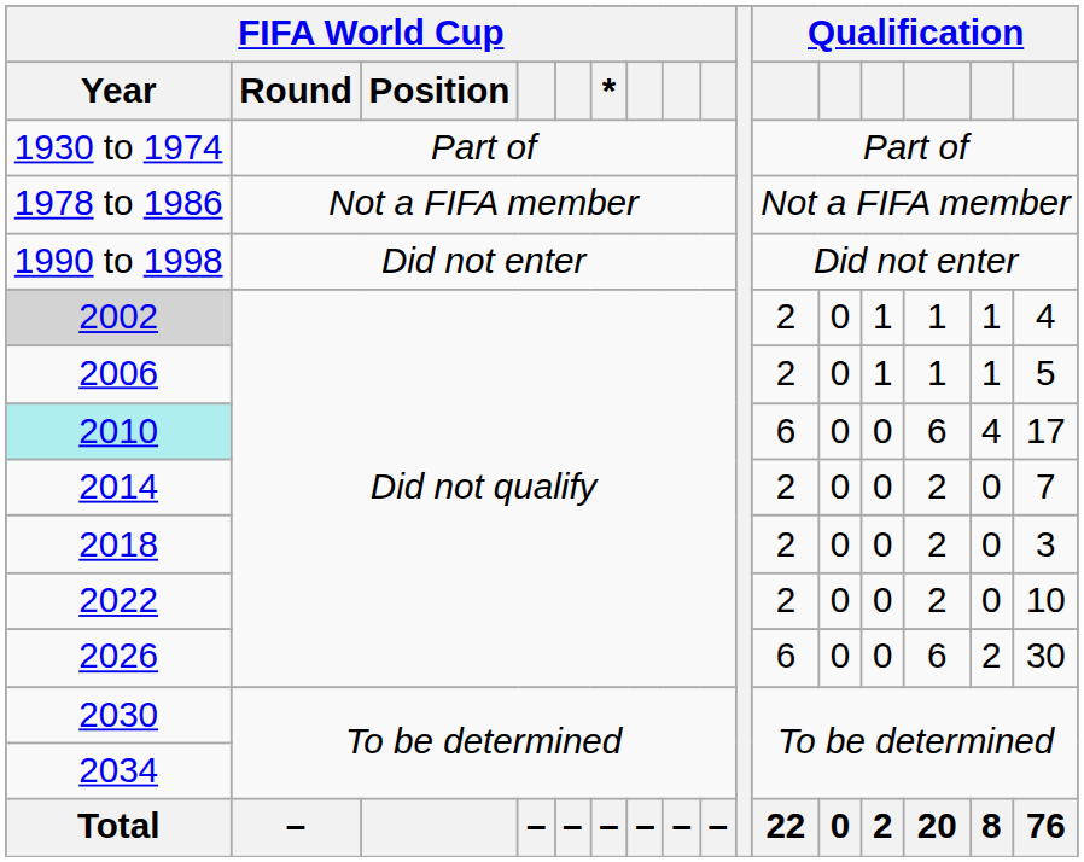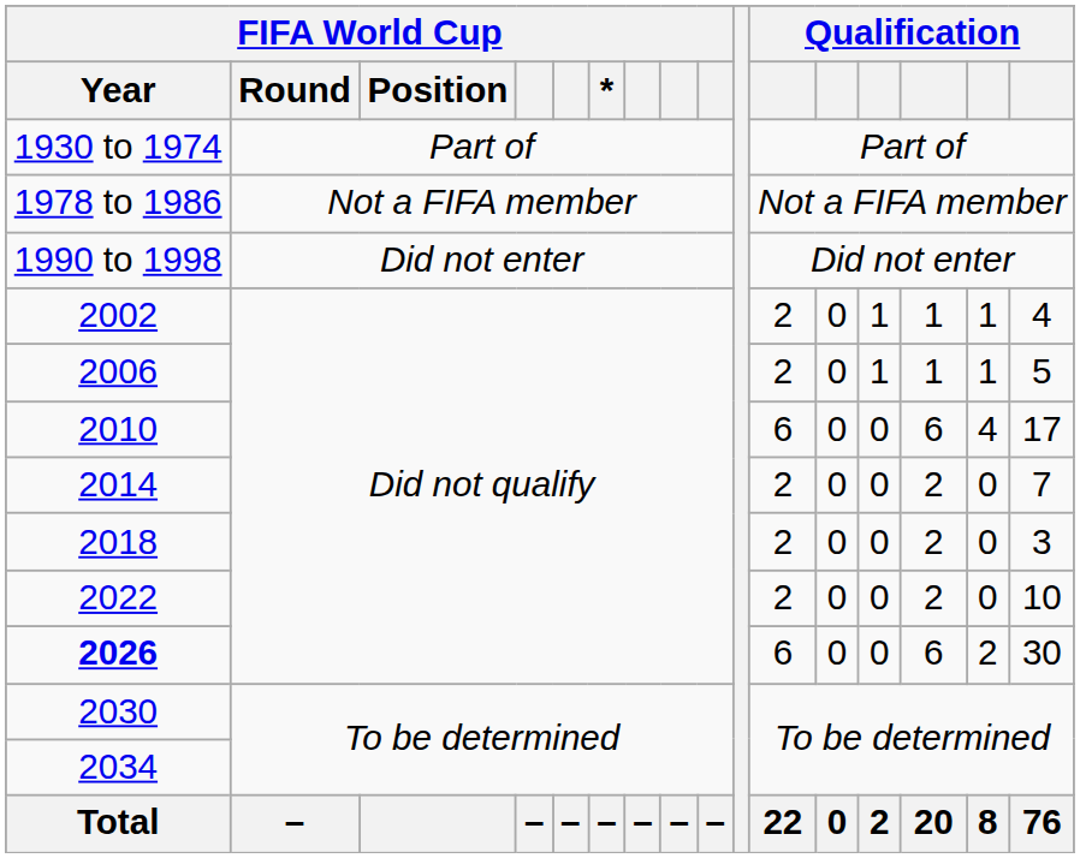 <table class="wikitable" style="text-align: center;">
 <tr>
 <th colspan=9><a href='#'>FIFA World Cup</a></th>
 <th rowspan=39></th>
 <th colspan=6><a href='#'>Qualification</a></th>
 </tr>
 <tr>
 <th>Year</th>
 <th>Round</th>
 <th>Position</th>
 <th></th>
 <th></th>
 <th>*</th>
 <th></th>
 <th></th>
 <th></th>
 <th></th>
 <th></th>
 <th></th>
 <th></th>
 <th></th>
 <th></th>
 </tr>
 <tr>
 <td><a href='#'>1930</a> to <a href='#'>1974</a></td>
 <td colspan=8><em>Part of </em></td>
 <td colspan=6><em>Part of </em></td>
 </tr>
 <tr>
 <td><a href='#'>1978</a> to <a href='#'>1986</a></td>
 <td colspan=8><em>Not a FIFA member</em></td>
 <td colspan=6><em>Not a FIFA member</em></td>
 </tr>
 <tr>
 <td><a href='#'>1990</a> to <a href='#'>1998</a></td>
 <td colspan=8><em>Did not enter</em></td>
 <td colspan=6><em>Did not enter</em></td>
 </tr>
 <tr>
-<td style="background: lightgrey;">  <a href='#'>2002</a></td>
+<td>  <a href='#'>2002</a></td>
 <td colspan=8 rowspan=7><em>Did not qualify</em></td>
 <td>2</td>
 <td>0</td>
 <td>1</td>
 <td>1</td>
 <td>1</td>
 <td>4</td>
 </tr>
 <tr>
 <td> <a href='#'>2006</a></td>
 <td>2</td>
 <td>0</td>
 <td>1</td>
 <td>1</td>
 <td>1</td>
 <td>5</td>
 </tr>
 <tr>
-<td style="background: paleturquoise;"> <a href='#'>2010</a></td>
+<td> <a href='#'>2010</a></td>
 <td>6</td>
 <td>0</td>
 <td>0</td>
 <td>6</td>
 <td>4</td>
 <td>17</td>
 </tr>
 <tr>
 <td> <a href='#'>2014</a></td>
 <td>2</td>
 <td>0</td>
 <td>0</td>
 <td>2</td>
 <td>0</td>
 <td>7</td>
 </tr>
 <tr>
 <td> <a href='#'>2018</a></td>
 <td>2</td>
 <td>0</td>
 <td>0</td>
 <td>2</td>
 <td>0</td>
 <td>3</td>
 </tr>
 <tr>
 <td> <a href='#'>2022</a></td>
 <td>2</td>
 <td>0</td>
 <td>0</td>
 <td>2</td>
 <td>0</td>
 <td>10</td>
 </tr>
 <tr>
-<td>   <a href='#'>2026</a></td>
+<td><strong>   <a href='#'>2026</a></strong></td>
 <td>6</td>
 <td>0</td>
 <td>0</td>
 <td>6</td>
 <td>2</td>
 <td>30</td>
 </tr>
 <tr>
 <td>   <a href='#'>2030</a></td>
 <td colspan=8 rowspan=2><em>To be determined</em></td>
 <td colspan=6 rowspan=2><em>To be determined</em></td>
 </tr>
 <tr>
 <td> <a href='#'>2034</a></td>
 </tr>
 <tr>
 <th>Total</th>
 <th>–</th>
 <th></th>
 <th>–</th>
 <th>–</th>
 <th>–</th>
 <th>–</th>
 <th>–</th>
 <th>–</th>
 <th>22</th>
 <th>0</th>
 <th>2</th>
 <th>20</th>
 <th>8</th>
 <th>76</th>
 </tr>
 </table>
